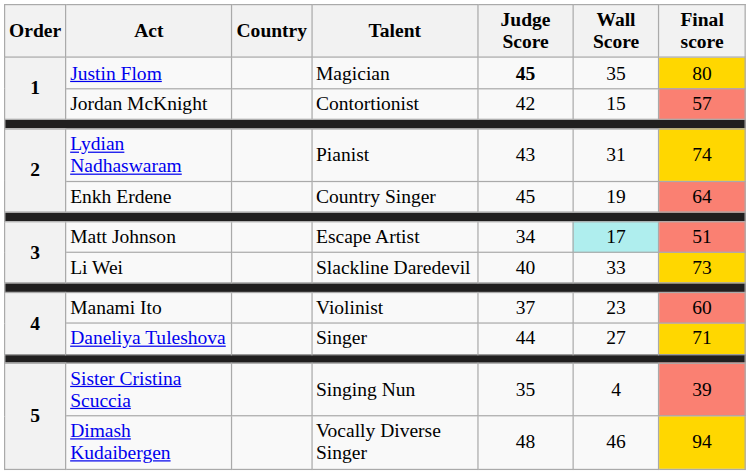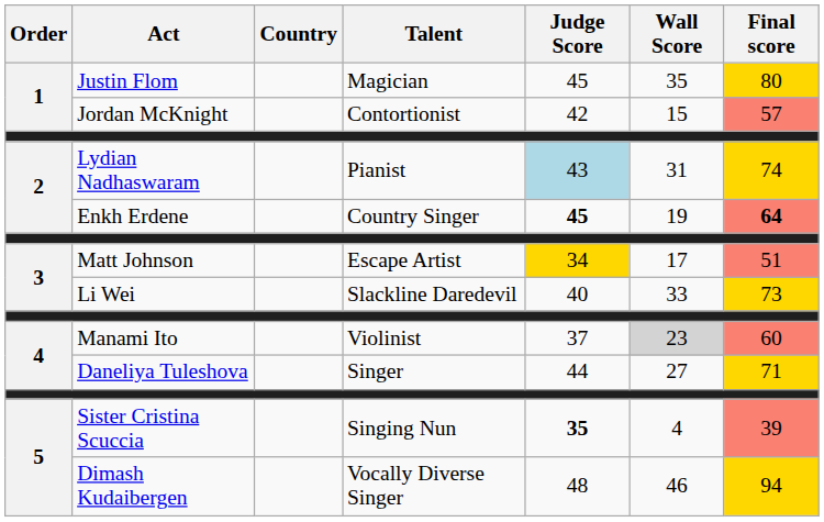 <table class="wikitable">
 <tr>
 <th>Order</th>
 <th>Act</th>
 <th>Country</th>
 <th>Talent</th>
 <th>Judge Score</th>
 <th>Wall Score</th>
 <th>Final score</th>
 </tr>
 <tr>
 <th rowspan=2><strong>1</strong></th>
 <td><a href='#'>Justin Flom</a></td>
 <td></td>
 <td>Magician</td>
-<td align=center><strong>45</strong></td>
+<td align=center>45</td>
 <td align=center>35</td>
 <td align=center bgcolor="gold">80</td>
 </tr>
 <tr>
 <td>Jordan McKnight</td>
 <td></td>
 <td>Contortionist</td>
 <td align=center>42</td>
 <td align=center>15</td>
 <td align="center" bgcolor="salmon">57</td>
 </tr>
 <tr>
 <td colspan="10" style="background:#201f1f;"></td>
 </tr>
 <tr>
 <th rowspan=2><strong>2</strong></th>
 <td><a href='#'>Lydian Nadhaswaram</a></td>
 <td></td>
 <td>Pianist</td>
-<td align=center>43</td>
+<td align=center style="background: lightblue;">43</td>
 <td align=center>31</td>
 <td align=center bgcolor="gold">74</td>
 </tr>
 <tr>
 <td>Enkh Erdene</td>
 <td></td>
 <td>Country Singer</td>
-<td align=center>45</td>
+<td align=center><strong>45</strong></td>
 <td align=center>19</td>
-<td align="center" bgcolor="salmon">64</td>
+<td align="center" bgcolor="salmon"><strong>64</strong></td>
 </tr>
 <tr>
 <td colspan="10" style="background:#201f1f;"></td>
 </tr>
 <tr>
 <th rowspan=2><strong>3</strong></th>
 <td>Matt Johnson</td>
 <td></td>
 <td>Escape Artist</td>
-<td align=center>34</td>
-<td align=center style="background: paleturquoise;">17</td>
+<td align=center style="background: gold;">34</td>
+<td align=center>17</td>
 <td align="center" bgcolor="salmon">51</td>
 </tr>
 <tr>
 <td>Li Wei</td>
 <td></td>
 <td>Slackline Daredevil</td>
 <td align=center>40</td>
 <td align=center>33</td>
 <td align=center bgcolor="gold">73</td>
 </tr>
 <tr>
 <td colspan="10" style="background:#201f1f;"></td>
 </tr>
 <tr>
 <th rowspan=2><strong>4</strong></th>
 <td>Manami Ito</td>
 <td></td>
 <td>Violinist</td>
 <td align=center>37</td>
-<td align=center>23</td>
+<td align=center style="background: lightgrey;">23</td>
 <td align="center" bgcolor="salmon">60</td>
 </tr>
 <tr>
 <td><a href='#'>Daneliya Tuleshova</a></td>
 <td></td>
 <td>Singer</td>
 <td align=center>44</td>
 <td align=center>27</td>
 <td align=center bgcolor="gold">71</td>
 </tr>
 <tr>
 <td colspan="10" style="background:#201f1f;"></td>
 </tr>
 <tr>
 <th rowspan=2><strong>5</strong></th>
 <td><a href='#'>Sister Cristina Scuccia</a></td>
 <td></td>
 <td>Singing Nun</td>
-<td align=center>35</td>
+<td align=center><strong>35</strong></td>
 <td align=center>4</td>
 <td align="center" bgcolor="salmon">39</td>
 </tr>
 <tr>
 <td><a href='#'>Dimash Kudaibergen</a></td>
 <td></td>
 <td>Vocally Diverse Singer</td>
 <td align=center>48</td>
 <td align=center>46</td>
 <td align=center bgcolor="gold">94</td>
 </tr>
 </table>
